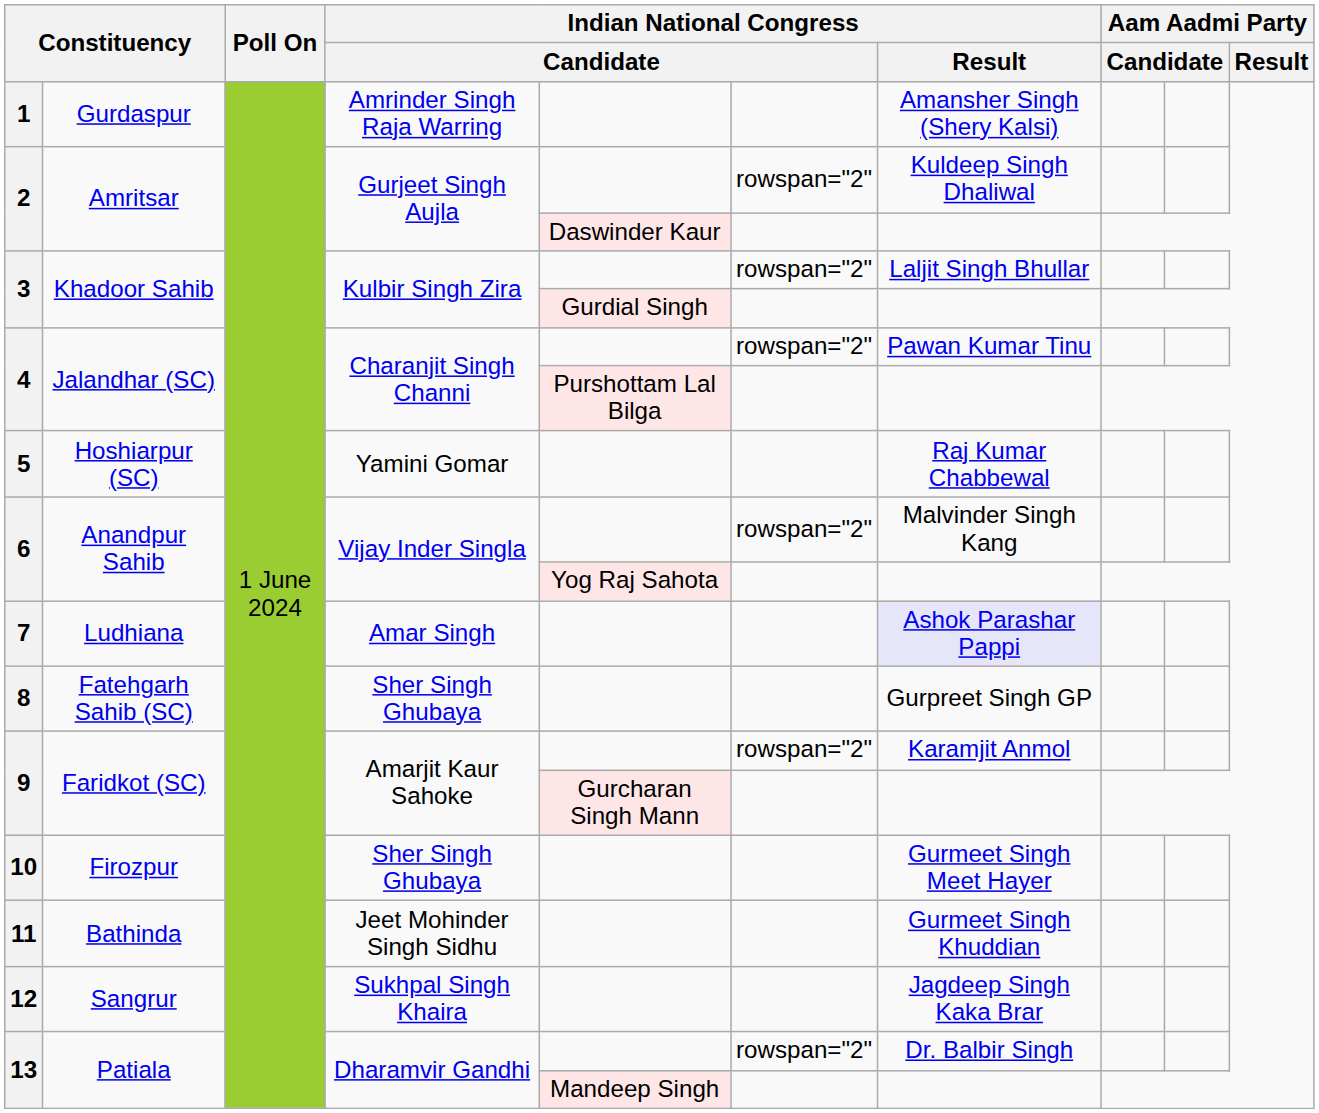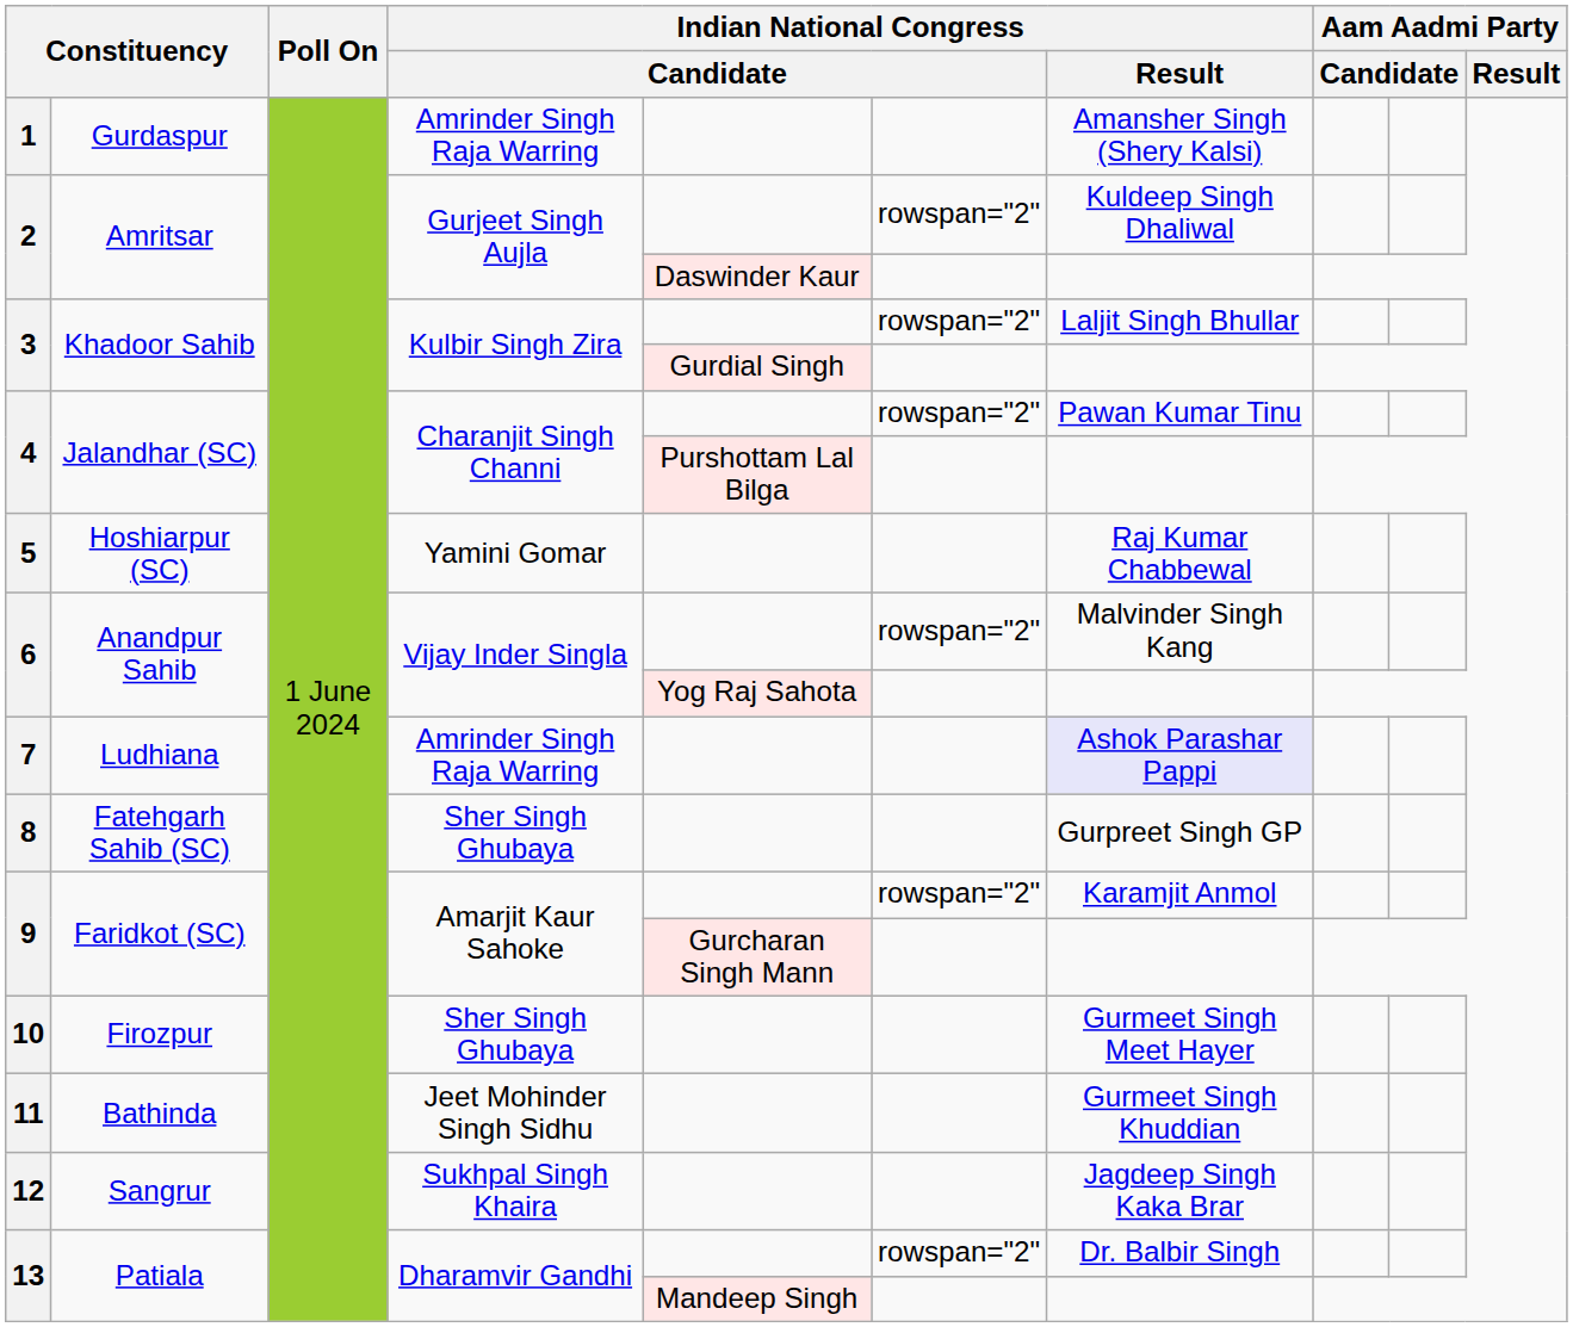 <table class="wikitable sortable" style="text-align:center;">
 <tr>
 <th colspan="2" rowspan="2">Constituency</th>
 <th rowspan="2">Poll On</th>
 <th colspan="4" Style="background-color:">Indian National Congress</th>
 <th colspan="4" Style="background-color:">Aam Aadmi Party</th>
 </tr>
 <tr>
 <th colspan="3">Candidate</th>
 <th>Result</th>
 <th colspan="3">Candidate</th>
 <th>Result</th>
 </tr>
 <tr>
 <th>1</th>
 <td><a href='#'>Gurdaspur</a></td>
 <td rowspan="19" bgcolor="#9ACD32">1 June 2024</td>
 <td><a href='#'>Amrinder Singh Raja Warring</a></td>
 <td></td>
 <td></td>
 <td><a href='#'>Amansher Singh (Shery Kalsi)</a></td>
 <td></td>
 <td></td>
 </tr>
 <tr>
 <th rowspan="2">2</th>
 <td rowspan="2"><a href='#'>Amritsar</a></td>
 <td rowspan="2"><a href='#'>Gurjeet Singh Aujla</a></td>
 <td></td>
 <td>rowspan="2" </td>
 <td><a href='#'>Kuldeep Singh Dhaliwal</a></td>
 <td></td>
 <td></td>
 </tr>
 <tr>
 <td style="background:#FFE6E6">Daswinder Kaur</td>
 <td></td>
 <td></td>
 </tr>
 <tr>
 <th rowspan="2">3</th>
 <td rowspan="2"><a href='#'>Khadoor Sahib</a></td>
 <td rowspan="2"><a href='#'>Kulbir Singh Zira</a></td>
 <td></td>
 <td>rowspan="2" </td>
 <td><a href='#'>Laljit Singh Bhullar</a></td>
 <td></td>
 <td></td>
 </tr>
 <tr>
 <td style="background:#FFE6E6">Gurdial Singh</td>
 <td></td>
 <td></td>
 </tr>
 <tr>
 <th rowspan="2">4</th>
 <td rowspan="2"><a href='#'>Jalandhar (SC)</a></td>
 <td rowspan="2"><a href='#'>Charanjit Singh Channi</a></td>
 <td></td>
 <td>rowspan="2" </td>
 <td><a href='#'>Pawan Kumar Tinu</a></td>
 <td></td>
 <td></td>
 </tr>
 <tr>
 <td style="background:#FFE6E6">Purshottam Lal Bilga</td>
 <td></td>
 <td></td>
 </tr>
 <tr>
 <th>5</th>
 <td><a href='#'>Hoshiarpur (SC)</a></td>
 <td>Yamini Gomar</td>
 <td></td>
 <td></td>
 <td><a href='#'>Raj Kumar Chabbewal</a></td>
 <td></td>
 <td></td>
 </tr>
 <tr>
 <th rowspan="2">6</th>
 <td rowspan="2"><a href='#'>Anandpur Sahib</a></td>
 <td rowspan="2"><a href='#'>Vijay Inder Singla</a></td>
 <td></td>
 <td>rowspan="2" </td>
 <td>Malvinder Singh Kang</td>
 <td></td>
 <td></td>
 </tr>
 <tr>
 <td style="background:#FFE6E6">Yog Raj Sahota</td>
 <td></td>
 <td></td>
 </tr>
 <tr>
 <th>7</th>
 <td><a href='#'>Ludhiana</a></td>
-<td><a href='#'>Amar Singh</a></td>
+<td><a href='#'>Amrinder Singh Raja Warring</a></td>
 <td></td>
 <td></td>
 <td style="background: lavender;"><a href='#'>Ashok Parashar Pappi</a></td>
 <td></td>
 <td></td>
 </tr>
 <tr>
 <th>8</th>
 <td><a href='#'>Fatehgarh Sahib (SC)</a></td>
 <td><a href='#'>Sher Singh Ghubaya</a></td>
 <td></td>
 <td></td>
 <td>Gurpreet Singh GP</td>
 <td></td>
 <td></td>
 </tr>
 <tr>
 <th rowspan="2">9</th>
 <td rowspan="2"><a href='#'>Faridkot (SC)</a></td>
 <td rowspan="2">Amarjit Kaur Sahoke</td>
 <td></td>
 <td>rowspan="2" </td>
 <td><a href='#'>Karamjit Anmol</a></td>
 <td></td>
 <td></td>
 </tr>
 <tr>
 <td style="background:#FFE6E6">Gurcharan Singh Mann</td>
 <td></td>
 <td></td>
 </tr>
 <tr>
 <th>10</th>
 <td><a href='#'>Firozpur</a></td>
 <td><a href='#'>Sher Singh Ghubaya</a></td>
 <td></td>
 <td></td>
 <td><a href='#'>Gurmeet Singh Meet Hayer</a></td>
 <td></td>
 <td></td>
 </tr>
 <tr>
 <th>11</th>
 <td><a href='#'>Bathinda</a></td>
 <td>Jeet Mohinder Singh Sidhu</td>
 <td></td>
 <td></td>
 <td><a href='#'>Gurmeet Singh Khuddian</a></td>
 <td></td>
 <td></td>
 </tr>
 <tr>
 <th>12</th>
 <td><a href='#'>Sangrur</a></td>
 <td><a href='#'>Sukhpal Singh Khaira</a></td>
 <td></td>
 <td></td>
 <td><a href='#'>Jagdeep Singh Kaka Brar</a></td>
 <td></td>
 <td></td>
 </tr>
 <tr>
 <th rowspan="2">13</th>
 <td rowspan="2"><a href='#'>Patiala</a></td>
 <td rowspan="2"><a href='#'>Dharamvir Gandhi</a></td>
 <td></td>
 <td>rowspan="2" </td>
 <td><a href='#'>Dr. Balbir Singh</a></td>
 <td></td>
 <td></td>
 </tr>
 <tr>
 <td style="background:#FFE6E6">Mandeep Singh</td>
 <td></td>
 <td></td>
 </tr>
 <tr>
 </tr>
 </table>
